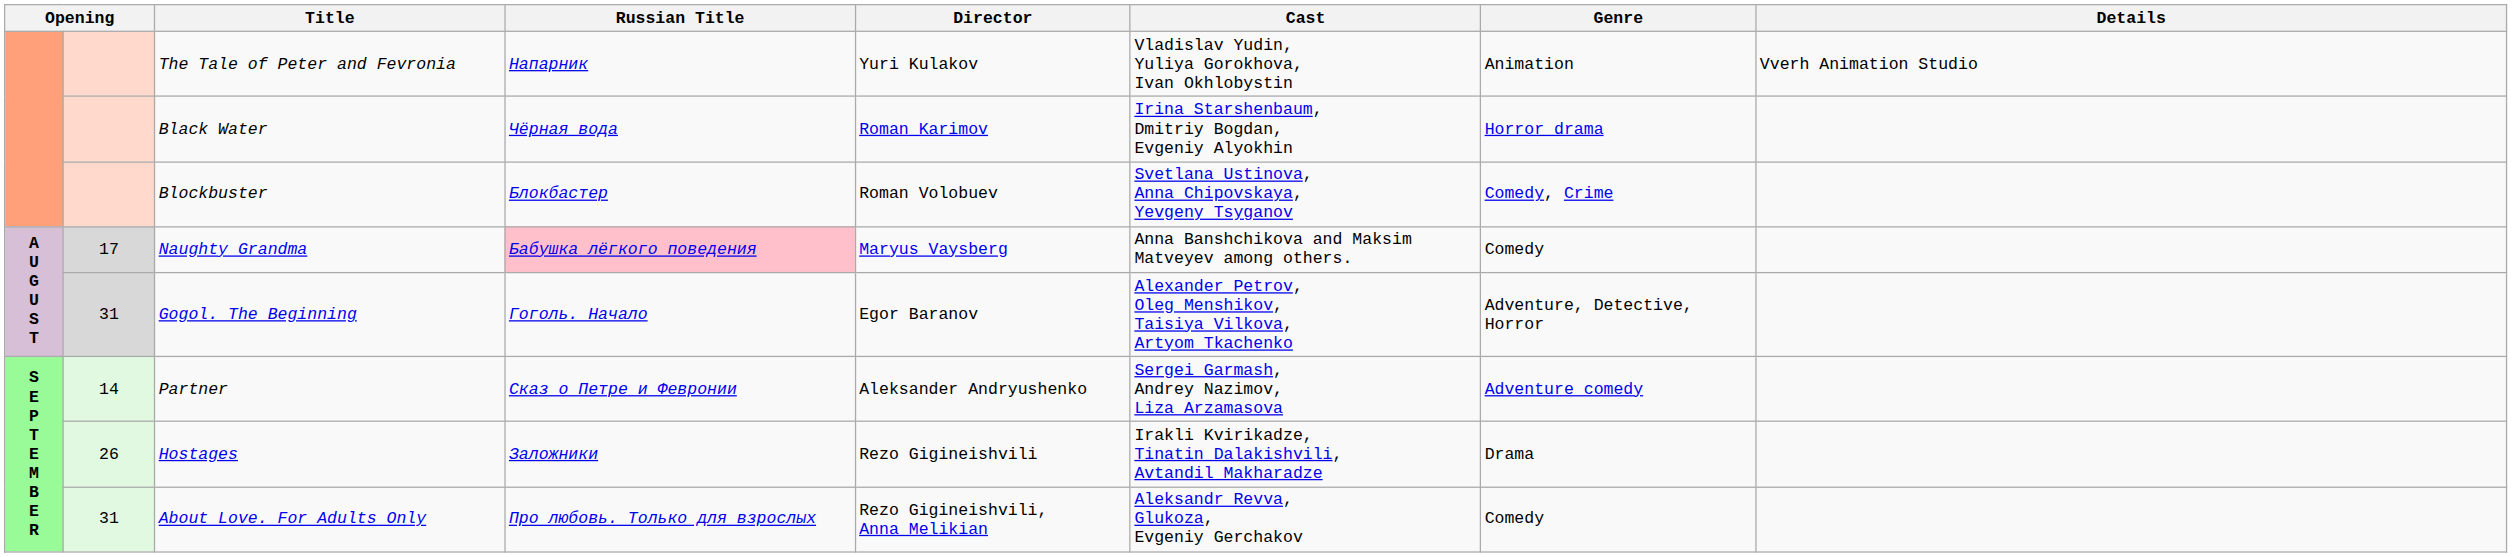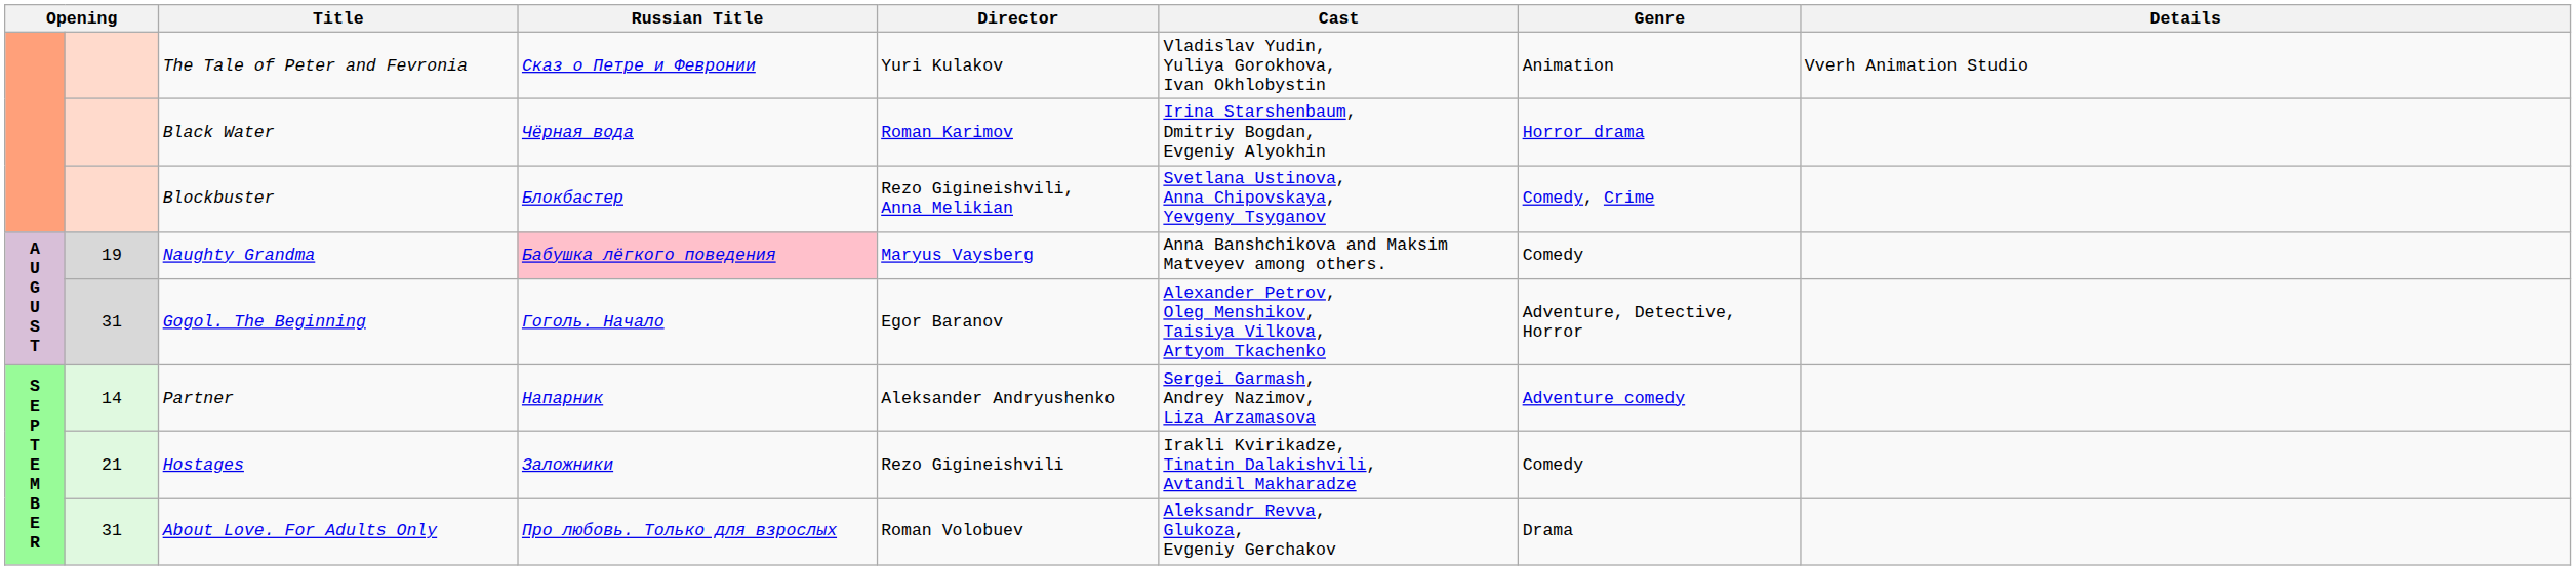 <table class="wikitable">
 <tr>
 <th style="width:6%;" colspan="2">Opening</th>
 <th style="width:14%;">Title</th>
 <th style="width:14%;">Russian Title</th>
 <th style="width:11%;">Director</th>
 <th style="width:14%;">Cast</th>
 <th style="width:11%;">Genre</th>
 <th>Details</th>
 </tr>
 <tr>
 <th rowspan="3" align="center" style="background:#ffa07a; textcolor:#000;"></th>
 <td align="center" style="background:#ffdacc;"></td>
 <td><em>The Tale of Peter and Fevronia</em></td>
-<td><em><a href='#'>Напарник</a></em></td>
+<td><em><a href='#'>Сказ о Петре и Февронии</a></em></td>
 <td>Yuri Kulakov</td>
 <td>Vladislav Yudin,<br> Yuliya Gorokhova,<br> Ivan Okhlobystin</td>
 <td>Animation</td>
 <td>Vverh Animation Studio</td>
 </tr>
 <tr>
 <td align="center" style="background:#ffdacc;"></td>
 <td><em>Black Water</em></td>
 <td><em><a href='#'>Чёрная вода</a></em></td>
 <td><a href='#'>Roman Karimov</a></td>
 <td><a href='#'>Irina Starshenbaum</a>,<br> Dmitriy Bogdan,<br> Evgeniy Alyokhin</td>
 <td><a href='#'>Horror drama</a></td>
 <td></td>
 </tr>
 <tr>
 <td align="center" style="background:#ffdacc;"></td>
 <td><em>Blockbuster</em></td>
 <td><em><a href='#'>Блокбастер</a></em></td>
-<td>Roman Volobuev</td>
+<td>Rezo Gigineishvili,<br> <a href='#'>Anna Melikian</a></td>
 <td><a href='#'>Svetlana Ustinova</a>,<br> <a href='#'>Anna Chipovskaya</a>,<br> <a href='#'>Yevgeny Tsyganov</a></td>
 <td><a href='#'>Comedy</a>, <a href='#'>Crime</a></td>
 <td></td>
 </tr>
 <tr>
 <th rowspan="2" align="center" style="background:thistle; textcolor:#000;">A<br>U<br>G<br>U<br>S<br>T</th>
-<td align="center" style="background:#d8d8d8;">17</td>
+<td align="center" style="background:#d8d8d8;">19</td>
 <td><em><a href='#'>Naughty Grandma</a></em></td>
 <td style="background: pink;"><em><a href='#'>Бабушка лёгкого поведения</a></em></td>
 <td><a href='#'>Maryus Vaysberg</a></td>
 <td>Anna Banshchikova and Maksim Matveyev among others.</td>
 <td>Comedy</td>
 <td></td>
 </tr>
 <tr>
 <td align="center" style="background:#d8d8d8;">31</td>
 <td><em><a href='#'>Gogol. The Beginning</a></em></td>
 <td><em><a href='#'>Гоголь. Начало</a></em></td>
 <td>Egor Baranov</td>
 <td><a href='#'>Alexander Petrov</a>,<br> <a href='#'>Oleg Menshikov</a>,<br> <a href='#'>Taisiya Vilkova</a>,<br> <a href='#'>Artyom Tkachenko</a></td>
 <td>Adventure, Detective, Horror</td>
 <td></td>
 </tr>
 <tr>
 <th rowspan="3" align="center" style="background:#98fb98; textcolor:#000;">S<br>E<br>P<br>T<br>E<br>M<br>B<br>E<br>R</th>
 <td align="center" style="background:#e0f9e0;">14</td>
 <td><em>Partner</em></td>
-<td><em><a href='#'>Сказ о Петре и Февронии</a></em></td>
+<td><em><a href='#'>Напарник</a></em></td>
 <td>Aleksander Andryushenko</td>
 <td><a href='#'>Sergei Garmash</a>,<br> Andrey Nazimov,<br> <a href='#'>Liza Arzamasova</a></td>
 <td><a href='#'>Adventure comedy</a></td>
 <td></td>
 </tr>
 <tr>
-<td align="center" style="background:#e0f9e0;">26</td>
+<td align="center" style="background:#e0f9e0;">21</td>
 <td><em><a href='#'>Hostages</a></em></td>
 <td><em><a href='#'>Заложники</a></em></td>
 <td>Rezo Gigineishvili</td>
 <td>Irakli Kvirikadze,<br> <a href='#'>Tinatin Dalakishvili</a>,<br> <a href='#'>Avtandil Makharadze</a></td>
-<td>Drama</td>
+<td>Comedy</td>
 <td></td>
 </tr>
 <tr>
 <td align="center" style="background:#e0f9e0;">31</td>
 <td><em><a href='#'>About Love. For Adults Only</a></em></td>
 <td><em><a href='#'>Про любовь. Только для взрослых</a></em></td>
-<td>Rezo Gigineishvili,<br> <a href='#'>Anna Melikian</a></td>
+<td>Roman Volobuev</td>
 <td><a href='#'>Aleksandr Revva</a>,<br> <a href='#'>Glukoza</a>,<br> Evgeniy Gerchakov</td>
-<td>Comedy</td>
+<td>Drama</td>
 <td></td>
 </tr>
 </table>
